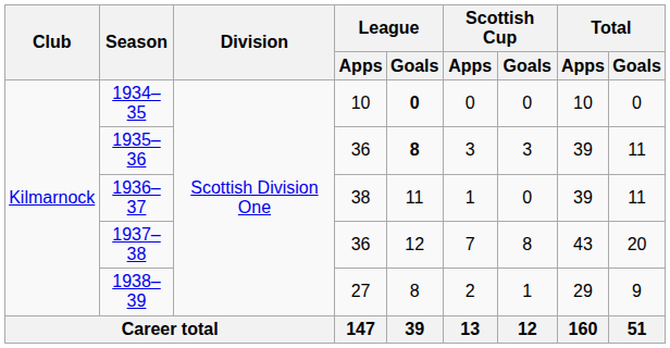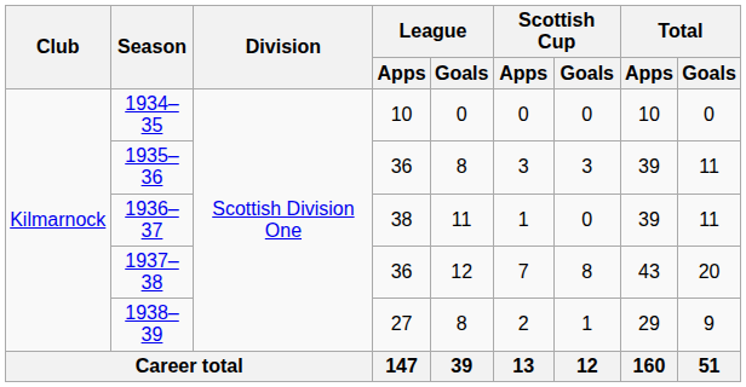 <table class="wikitable" style="text-align:center;">
 <tr>
 <th rowspan="2">Club</th>
 <th rowspan="2">Season</th>
 <th rowspan="2">Division</th>
 <th colspan="2">League</th>
 <th colspan="2">Scottish Cup</th>
 <th colspan="2">Total</th>
 </tr>
 <tr>
 <th>Apps</th>
 <th>Goals</th>
 <th>Apps</th>
 <th>Goals</th>
 <th>Apps</th>
 <th>Goals</th>
 </tr>
 <tr>
 <td rowspan="5"><a href='#'>Kilmarnock</a></td>
 <td><a href='#'>1934–35</a></td>
 <td rowspan="5"><a href='#'>Scottish Division One</a></td>
 <td>10</td>
-<td><strong>0</strong></td>
+<td>0</td>
 <td>0</td>
 <td>0</td>
 <td>10</td>
 <td>0</td>
 </tr>
 <tr>
 <td><a href='#'>1935–36</a></td>
 <td>36</td>
-<td><strong>8</strong></td>
+<td>8</td>
 <td>3</td>
 <td>3</td>
 <td>39</td>
 <td>11</td>
 </tr>
 <tr>
 <td><a href='#'>1936–37</a></td>
 <td>38</td>
 <td>11</td>
 <td>1</td>
 <td>0</td>
 <td>39</td>
 <td>11</td>
 </tr>
 <tr>
 <td><a href='#'>1937–38</a></td>
 <td>36</td>
 <td>12</td>
 <td>7</td>
 <td>8</td>
 <td>43</td>
 <td>20</td>
 </tr>
 <tr>
 <td><a href='#'>1938–39</a></td>
 <td>27</td>
 <td>8</td>
 <td>2</td>
 <td>1</td>
 <td>29</td>
 <td>9</td>
 </tr>
 <tr>
 <th colspan="3">Career total</th>
 <th>147</th>
 <th>39</th>
 <th>13</th>
 <th>12</th>
 <th>160</th>
 <th>51</th>
 </tr>
 </table>
